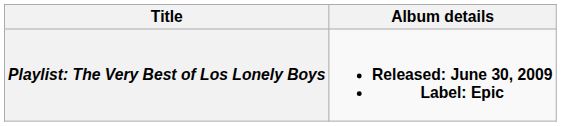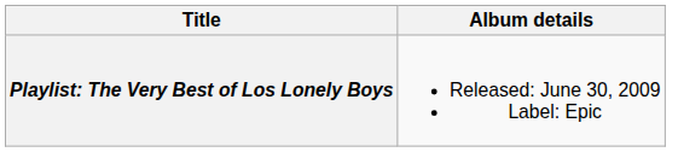 <table class="wikitable plainrowheaders" style="text-align:center;">
 <tr>
 <th>Title</th>
 <th>Album details</th>
 </tr>
 <tr>
 <th scope="row"><em>Playlist: The Very Best of Los Lonely Boys</em></th>
-<td><strong><br><ul><li>Released: June 30, 2009</li><li>Label: Epic</li></ul></strong></td>
+<td><br><ul><li>Released: June 30, 2009</li><li>Label: Epic</li></ul></td>
 </tr>
 </table>
